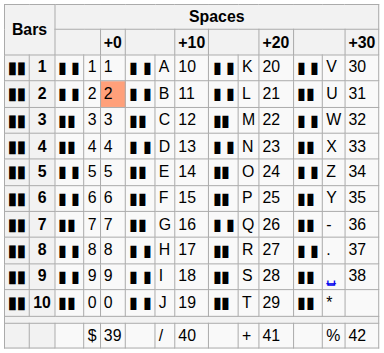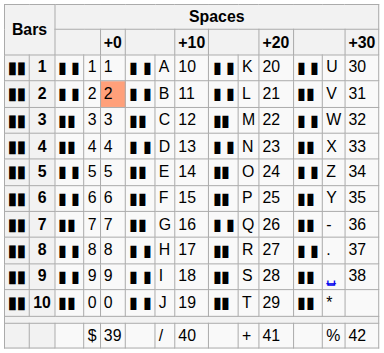 <table class="wikitable">
 <tr>
 <th rowspan=2 colspan=2>Bars</th>
 <th colspan=12>Spaces</th>
 </tr>
 <tr>
 <th colspan=2> </th>
 <th>+0</th>
 <th colspan=2> </th>
 <th>+10</th>
 <th colspan=2> </th>
 <th>+20</th>
 <th colspan=2> </th>
 <th>+30</th>
 </tr>
 <tr>
 <th>▮▮</th>
 <th>1</th>
 <td>▮ ▮</td>
 <td>1</td>
 <td>1</td>
 <td>▮ ▮</td>
 <td>A</td>
 <td>10</td>
 <td>▮ ▮</td>
 <td>K</td>
 <td>20</td>
 <td>▮ ▮</td>
-<td>V</td>
+<td>U</td>
 <td>30</td>
 </tr>
 <tr>
 <th>▮▮</th>
 <th>2</th>
 <td>▮ ▮</td>
 <td>2</td>
 <td style="background: lightsalmon;">2</td>
 <td>▮ ▮</td>
 <td>B</td>
 <td>11</td>
 <td>▮ ▮</td>
 <td>L</td>
 <td>21</td>
 <td> ▮▮</td>
-<td>U</td>
+<td>V</td>
 <td>31</td>
 </tr>
 <tr>
 <th>▮▮</th>
 <th>3</th>
 <td>▮▮ </td>
 <td>3</td>
 <td>3</td>
 <td>▮▮ </td>
 <td>C</td>
 <td>12</td>
 <td>▮▮ </td>
 <td>M</td>
 <td>22</td>
 <td>▮ ▮</td>
 <td>W</td>
 <td>32</td>
 </tr>
 <tr>
 <th>▮▮</th>
 <th>4</th>
 <td> ▮▮</td>
 <td>4</td>
 <td>4</td>
 <td>▮ ▮</td>
 <td>D</td>
 <td>13</td>
 <td>▮ ▮</td>
 <td>N</td>
 <td>23</td>
 <td> ▮▮</td>
 <td>X</td>
 <td>33</td>
 </tr>
 <tr>
 <th>▮▮</th>
 <th>5</th>
 <td>▮ ▮</td>
 <td>5</td>
 <td>5</td>
 <td>▮▮ </td>
 <td>E</td>
 <td>14</td>
 <td>▮▮ </td>
 <td>O</td>
 <td>24</td>
 <td>▮ ▮</td>
 <td>Z</td>
 <td>34</td>
 </tr>
 <tr>
 <th>▮▮</th>
 <th>6</th>
 <td>▮ ▮</td>
 <td>6</td>
 <td>6</td>
 <td>▮▮ </td>
 <td>F</td>
 <td>15</td>
 <td>▮▮ </td>
 <td>P</td>
 <td>25</td>
 <td> ▮▮</td>
 <td>Y</td>
 <td>35</td>
 </tr>
 <tr>
 <th>▮▮</th>
 <th>7</th>
 <td> ▮▮</td>
 <td>7</td>
 <td>7</td>
 <td> ▮▮</td>
 <td>G</td>
 <td>16</td>
 <td>▮ ▮</td>
 <td>Q</td>
 <td>26</td>
 <td> ▮▮</td>
 <td>-</td>
 <td>36</td>
 </tr>
 <tr>
 <th>▮▮</th>
 <th>8</th>
 <td>▮ ▮</td>
 <td>8</td>
 <td>8</td>
 <td>▮ ▮</td>
 <td>H</td>
 <td>17</td>
 <td>▮▮ </td>
 <td>R</td>
 <td>27</td>
 <td>▮ ▮</td>
 <td>.</td>
 <td>37</td>
 </tr>
 <tr>
 <th>▮▮</th>
 <th>9</th>
 <td>▮ ▮</td>
 <td>9</td>
 <td>9</td>
 <td>▮ ▮</td>
 <td>I</td>
 <td>18</td>
 <td>▮▮ </td>
 <td>S</td>
 <td>28</td>
 <td> ▮▮</td>
 <td><a href='#'>␣</a></td>
 <td>38</td>
 </tr>
 <tr>
 <th>▮▮</th>
 <th>10</th>
 <td> ▮▮</td>
 <td>0</td>
 <td>0</td>
 <td>▮ ▮</td>
 <td>J</td>
 <td>19</td>
 <td>▮▮ </td>
 <td>T</td>
 <td>29</td>
 <td> ▮▮</td>
 <td>*</td>
 <td></td>
 </tr>
 <tr>
 <th colspan=14></th>
 </tr>
 <tr>
 <th></th>
 <th></th>
 <td>   </td>
 <td>$</td>
 <td>39</td>
 <td>   </td>
 <td>/</td>
 <td>40</td>
 <td>   </td>
 <td>+</td>
 <td>41</td>
 <td>   </td>
 <td>%</td>
 <td>42</td>
 </tr>
 </table>
